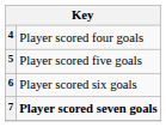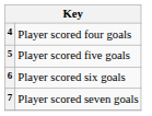 <table class="wikitable plainrowheaders">
 <tr>
 <th colspan="2" scope="col">Key</th>
 </tr>
 <tr>
 <th align="left" scope="row"><sup>4</sup></th>
 <td align="left">Player scored four goals</td>
 </tr>
 <tr>
 <th align="left" scope="row"><sup>5</sup></th>
 <td align="left">Player scored five goals</td>
 </tr>
 <tr>
 <th align="left" scope="row"><sup>6</sup></th>
 <td align="left">Player scored six goals</td>
 </tr>
 <tr>
 <th align="left" scope="row"><sup>7</sup></th>
-<td align="left"><strong>Player scored seven goals</strong></td>
+<td align="left">Player scored seven goals</td>
 </tr>
 <tr>
 </tr>
 </table>
